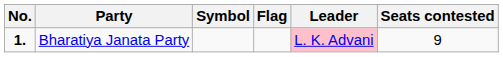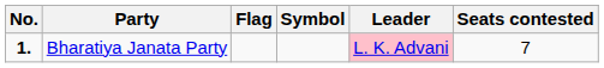 <table class="wikitable">
 <tr>
 <th>No.</th>
 <th>Party</th>
+<th>Flag</th>
 <th>Symbol</th>
-<th>Flag</th>
 <th>Leader</th>
 <th>Seats contested</th>
 </tr>
 <tr>
 <td ! style="text-align:center; background:"><strong>1.</strong></td>
 <td style="text-align:center"><a href='#'>Bharatiya Janata Party</a></td>
 <td></td>
 <td></td>
 <td style="background: pink; text-align:center"><a href='#'>L. K. Advani</a></td>
-<td style="text-align:center">9</td>
+<td style="text-align:center">7</td>
 </tr>
 </table>
